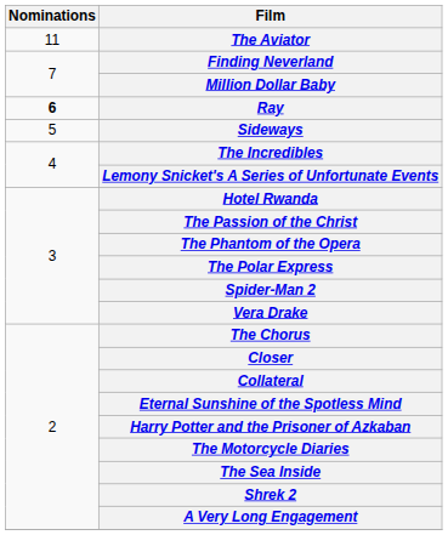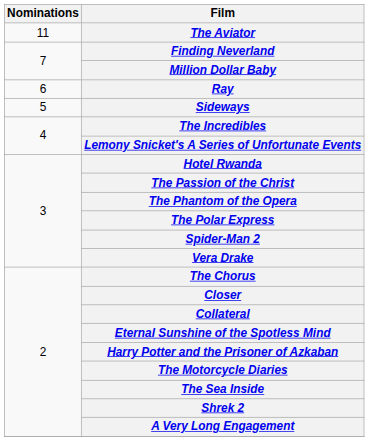 <table class="wikitable" style="text-align: center;">
 <tr>
 <th scope="col" width="55">Nominations</th>
 <th scope="col" style="text-align:center">Film</th>
 </tr>
 <tr>
 <td style="text-align: center;">11</td>
 <th scope="row"><em><a href='#'>The Aviator</a></em></th>
 </tr>
 <tr>
 <td rowspan=2 style="text-align:center">7</td>
 <th scope="row"><em><a href='#'>Finding Neverland</a></em></th>
 </tr>
 <tr>
 <th scope="row"><em><a href='#'>Million Dollar Baby</a></em></th>
 </tr>
 <tr>
-<td style="text-align: center;"><strong>6</strong></td>
+<td style="text-align: center;">6</td>
 <th scope="row"><em><a href='#'>Ray</a></em></th>
 </tr>
 <tr>
 <td style="text-align: center;">5</td>
 <th scope="row"><em><a href='#'>Sideways</a></em></th>
 </tr>
 <tr>
 <td rowspan=2 style="text-align:center">4</td>
 <th scope="row"><em><a href='#'>The Incredibles</a></em></th>
 </tr>
 <tr>
 <th scope="row"><em><a href='#'>Lemony Snicket's A Series of Unfortunate Events</a></em></th>
 </tr>
 <tr>
 <td rowspan=6 style="text-align:center">3</td>
 <th scope="row"><em><a href='#'>Hotel Rwanda</a></em></th>
 </tr>
 <tr>
 <th scope="row"><em><a href='#'>The Passion of the Christ</a></em></th>
 </tr>
 <tr>
 <th scope="row"><em><a href='#'>The Phantom of the Opera</a></em></th>
 </tr>
 <tr>
 <th scope="row"><em><a href='#'>The Polar Express</a></em></th>
 </tr>
 <tr>
 <th scope="row"><em><a href='#'>Spider-Man 2</a></em></th>
 </tr>
 <tr>
 <th scope="row"><em><a href='#'>Vera Drake</a></em></th>
 </tr>
 <tr>
 <td rowspan=9 style="text-align:center">2</td>
 <th scope="row"><em><a href='#'>The Chorus</a></em></th>
 </tr>
 <tr>
 <th scope="row"><em><a href='#'>Closer</a></em></th>
 </tr>
 <tr>
 <th scope="row"><em><a href='#'>Collateral</a></em></th>
 </tr>
 <tr>
 <th scope="row"><em><a href='#'>Eternal Sunshine of the Spotless Mind</a></em></th>
 </tr>
 <tr>
 <th scope="row"><em><a href='#'>Harry Potter and the Prisoner of Azkaban</a></em></th>
 </tr>
 <tr>
 <th scope="row"><em><a href='#'>The Motorcycle Diaries</a></em></th>
 </tr>
 <tr>
 <th scope="row"><em><a href='#'>The Sea Inside</a></em></th>
 </tr>
 <tr>
 <th scope="row"><em><a href='#'>Shrek 2</a></em></th>
 </tr>
 <tr>
 <th scope="row"><em><a href='#'>A Very Long Engagement</a></em></th>
 </tr>
 <tr>
 </tr>
 </table>
